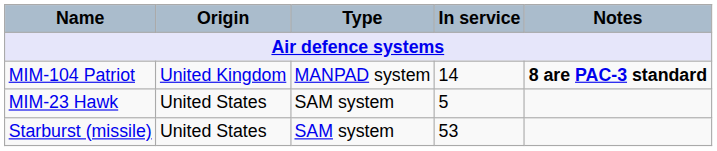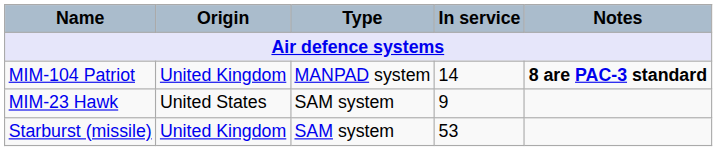 <table class="wikitable">
 <tr>
 <th style="text-align:center; background:#aabccc;">Name</th>
 <th style="text-align: center; background:#aabccc;">Origin</th>
 <th style="text-align:l center; background:#aabccc;">Type</th>
 <th style="text-align:l center; background:#aabccc;">In service</th>
 <th style="text-align: center; background:#aabccc;">Notes</th>
 </tr>
 <tr>
 <th style="align: center; background: lavender;" colspan="7"><a href='#'>Air defence systems</a></th>
 </tr>
 <tr>
 <td><a href='#'>MIM-104 Patriot</a></td>
 <td><a href='#'>United Kingdom</a></td>
 <td><a href='#'>MANPAD</a> system</td>
 <td>14</td>
 <td><strong>8 are <a href='#'>PAC-3</a> standard</strong></td>
 </tr>
 <tr>
 <td><a href='#'>MIM-23 Hawk</a></td>
 <td>United States</td>
 <td>SAM system</td>
-<td>5</td>
+<td>9</td>
 <td></td>
 </tr>
 <tr>
 <td><a href='#'>Starburst (missile)</a></td>
-<td>United States</td>
+<td><a href='#'>United Kingdom</a></td>
 <td><a href='#'>SAM</a> system</td>
 <td>53</td>
 <td></td>
 </tr>
 </table>
